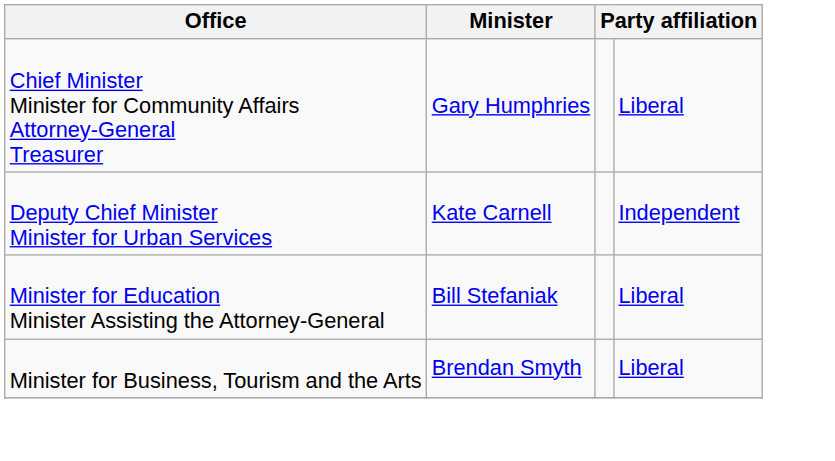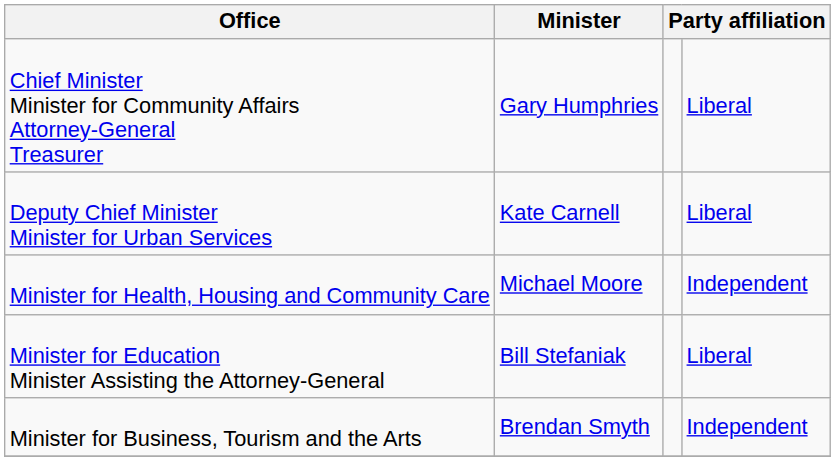 <table class="wikitable">
 <tr>
 <th>Office</th>
 <th>Minister</th>
 <th colspan=2>Party affiliation</th>
 </tr>
 <tr>
 <td><br><a href='#'>Chief Minister</a><br> Minister for Community Affairs<br> <a href='#'>Attorney-General</a><br> <a href='#'>Treasurer</a></td>
 <td><a href='#'>Gary Humphries</a></td>
 <td> </td>
 <td><a href='#'>Liberal</a></td>
 </tr>
 <tr>
 <td><br><a href='#'>Deputy Chief Minister</a><br> <a href='#'>Minister for Urban Services</a></td>
 <td><a href='#'>Kate Carnell</a></td>
 <td> </td>
+<td><a href='#'>Liberal</a></td>
+</tr>
+<tr>
+<td><br><a href='#'>Minister for Health, Housing and Community Care</a></td>
+<td><a href='#'>Michael Moore</a></td>
+<td> </td>
 <td><a href='#'>Independent</a></td>
 </tr>
 <tr>
 <td><br><a href='#'>Minister for Education</a><br> Minister Assisting the Attorney-General</td>
 <td><a href='#'>Bill Stefaniak</a></td>
 <td> </td>
 <td><a href='#'>Liberal</a></td>
 </tr>
 <tr>
 <td><br>Minister for Business, Tourism and the Arts</td>
 <td><a href='#'>Brendan Smyth</a></td>
 <td> </td>
-<td><a href='#'>Liberal</a></td>
+<td><a href='#'>Independent</a></td>
 </tr>
 <tr>
 </tr>
 </table>
